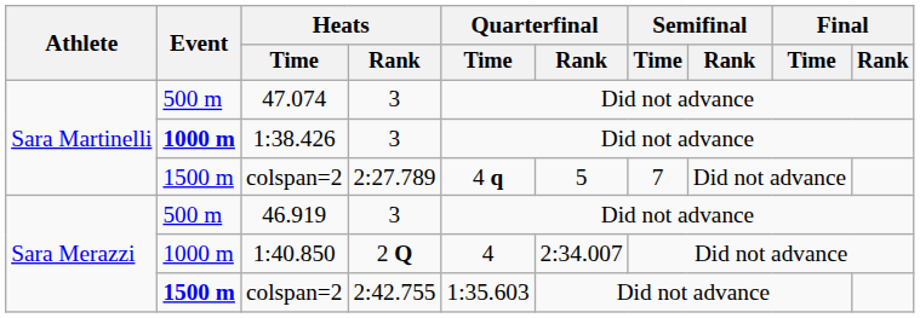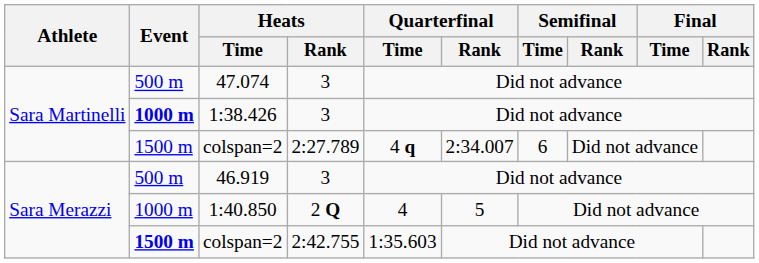 <table class="wikitable" style="font-size:90%">
 <tr>
 <th rowspan=2>Athlete</th>
 <th rowspan=2>Event</th>
 <th colspan=2>Heats</th>
 <th colspan=2>Quarterfinal</th>
 <th colspan=2>Semifinal</th>
 <th colspan=2>Final</th>
 </tr>
 <tr style="font-size:95%">
 <th>Time</th>
 <th>Rank</th>
 <th>Time</th>
 <th>Rank</th>
 <th>Time</th>
 <th>Rank</th>
 <th>Time</th>
 <th>Rank</th>
 </tr>
 <tr align=center>
 <td align=left rowspan=3><a href='#'>Sara Martinelli</a></td>
 <td align=left><a href='#'>500 m</a></td>
 <td>47.074</td>
 <td>3</td>
 <td colspan=6>Did not advance</td>
 </tr>
 <tr align=center>
 <td align=left><strong><a href='#'>1000 m</a></strong></td>
 <td>1:38.426</td>
 <td>3</td>
 <td colspan=6>Did not advance</td>
 </tr>
 <tr align=center>
 <td align=left><a href='#'>1500 m</a></td>
 <td>colspan=2</td>
 <td>2:27.789</td>
 <td>4 <strong>q</strong></td>
-<td>5</td>
-<td>7</td>
+<td>2:34.007</td>
+<td>6</td>
 <td colspan=2>Did not advance</td>
 </tr>
 <tr align=center>
 <td align=left rowspan=3><a href='#'>Sara Merazzi</a></td>
 <td align=left><a href='#'>500 m</a></td>
 <td>46.919</td>
 <td>3</td>
 <td colspan=6>Did not advance</td>
 </tr>
 <tr align=center>
 <td align=left><a href='#'>1000 m</a></td>
 <td>1:40.850</td>
 <td>2 <strong>Q</strong></td>
 <td>4</td>
-<td>2:34.007</td>
+<td>5</td>
 <td colspan=4>Did not advance</td>
 </tr>
 <tr align=center>
 <td align=left><strong><a href='#'>1500 m</a></strong></td>
 <td>colspan=2</td>
 <td>2:42.755</td>
 <td>1:35.603</td>
 <td colspan=4>Did not advance</td>
 </tr>
 </table>
